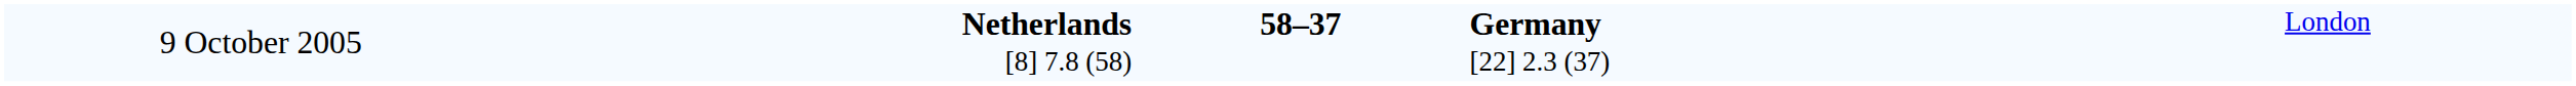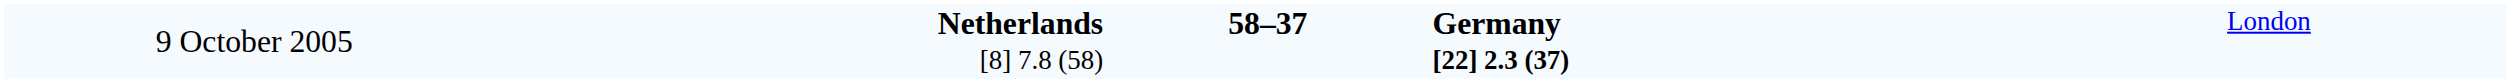 <table style="width: 100%; background:#F5FAFF;" cellspacing="0">
 <tr>
 <td align=center rowspan=3 width=20%>9 October 2005</td>
 </tr>
 <tr>
 <td width=24% align=right><strong>Netherlands</strong></td>
 <td align=center width=13%><strong>58–37</strong></td>
 <td width=24%><strong>Germany</strong></td>
 <td style=font-size:85% rowspan=3 valign=top align=center><a href='#'>London</a></td>
 </tr>
 <tr style=font-size:85%>
 <td align=right>[8] 7.8 (58)</td>
 <td></td>
-<td>[22] 2.3 (37)</td>
+<td><strong>[22] 2.3 (37)</strong></td>
 </tr>
 </table>
